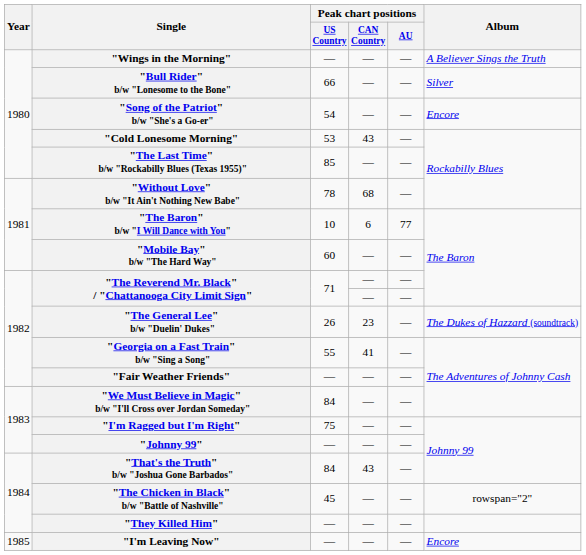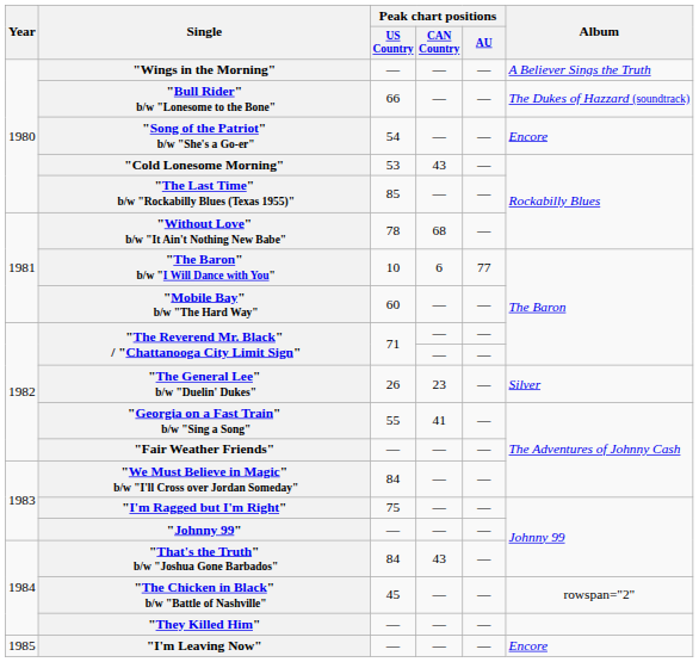 <table class="wikitable plainrowheaders" style="text-align:center;">
 <tr>
 <th rowspan="2">Year</th>
 <th rowspan="2" style="width:24em;">Single</th>
 <th colspan="3">Peak chart positions</th>
 <th rowspan="2">Album</th>
 </tr>
 <tr style="font-size:smaller;">
 <th width="45"><a href='#'>US Country</a><br></th>
 <th width="45"><a href='#'>CAN Country</a></th>
 <th width="45"><a href='#'>AU</a></th>
 </tr>
 <tr>
 <td rowspan="5">1980</td>
 <th scope="row">"Wings in the Morning"</th>
 <td>—</td>
 <td>—</td>
 <td>—</td>
 <td align="left"><em><a href='#'>A Believer Sings the Truth</a></em></td>
 </tr>
 <tr>
 <th scope="row">"<a href='#'>Bull Rider</a>"<br> <small>b/w "Lonesome to the Bone"</small></th>
 <td>66</td>
 <td>—</td>
 <td>—</td>
-<td align="left"><em><a href='#'>Silver</a></em></td>
+<td align="left"><a href='#'><em>The Dukes of Hazzard</em> <small>(soundtrack)</small></a></td>
 </tr>
 <tr>
 <th scope="row">"<a href='#'>Song of the Patriot</a>"<br> <small>b/w "She's a Go-er"</small></th>
 <td>54</td>
 <td>—</td>
 <td>—</td>
 <td align="left"><em><a href='#'>Encore</a></em></td>
 </tr>
 <tr>
 <th scope="row">"Cold Lonesome Morning"</th>
 <td>53</td>
 <td>43</td>
 <td>—</td>
 <td align="left" rowspan="3"><em><a href='#'>Rockabilly Blues</a></em></td>
 </tr>
 <tr>
 <th scope="row">"<a href='#'>The Last Time</a>"<br> <small>b/w "Rockabilly Blues (Texas 1955)"</small></th>
 <td>85</td>
 <td>—</td>
 <td>—</td>
 </tr>
 <tr>
 <td rowspan="3">1981</td>
 <th scope="row">"<a href='#'>Without Love</a>"<br> <small>b/w "It Ain't Nothing New Babe"</small></th>
 <td>78</td>
 <td>68</td>
 <td>—</td>
 </tr>
 <tr>
 <th scope="row">"<a href='#'>The Baron</a>"<br> <small>b/w "<a href='#'>I Will Dance with You</a>"</small></th>
 <td>10</td>
 <td>6</td>
 <td>77</td>
 <td align="left" rowspan="4"><em><a href='#'>The Baron</a></em></td>
 </tr>
 <tr>
 <th scope="row">"<a href='#'>Mobile Bay</a>"<br> <small>b/w "The Hard Way"</small></th>
 <td>60</td>
 <td>—</td>
 <td>—</td>
 </tr>
 <tr>
 <td rowspan="5">1982</td>
 <th scope="row" rowspan="2">"<a href='#'>The Reverend Mr. Black</a>"<br> / "<a href='#'>Chattanooga City Limit Sign</a>"</th>
 <td rowspan="2">71</td>
 <td>—</td>
 <td>—</td>
 </tr>
 <tr>
 <td>—</td>
 <td>—</td>
 </tr>
 <tr>
 <th scope="row">"<a href='#'>The General Lee</a>"<br> <small>b/w "Duelin' Dukes"</small></th>
 <td>26</td>
 <td>23</td>
 <td>—</td>
-<td align="left"><a href='#'><em>The Dukes of Hazzard</em> <small>(soundtrack)</small></a></td>
+<td align="left"><em><a href='#'>Silver</a></em></td>
 </tr>
 <tr>
 <th scope="row">"<a href='#'>Georgia on a Fast Train</a>"<br> <small>b/w "Sing a Song"</small></th>
 <td>55</td>
 <td>41</td>
 <td>—</td>
 <td align="left" rowspan="3"><em><a href='#'>The Adventures of Johnny Cash</a></em></td>
 </tr>
 <tr>
 <th scope="row">"Fair Weather Friends"</th>
 <td>—</td>
 <td>—</td>
 <td>—</td>
 </tr>
 <tr>
 <td rowspan="3">1983</td>
 <th scope="row">"<a href='#'>We Must Believe in Magic</a>"<br> <small>b/w "I'll Cross over Jordan Someday"</small></th>
 <td>84</td>
 <td>—</td>
 <td>—</td>
 </tr>
 <tr>
 <th scope="row">"<a href='#'>I'm Ragged but I'm Right</a>"</th>
 <td>75</td>
 <td>—</td>
 <td>—</td>
 <td align="left" rowspan="3"><em><a href='#'>Johnny 99</a></em></td>
 </tr>
 <tr>
 <th scope="row">"<a href='#'>Johnny 99</a>"</th>
 <td>—</td>
 <td>—</td>
 <td>—</td>
 </tr>
 <tr>
 <td rowspan="3">1984</td>
 <th scope="row">"<a href='#'>That's the Truth</a>"<br> <small>b/w "Joshua Gone Barbados"</small></th>
 <td>84</td>
 <td>43</td>
 <td>—</td>
 </tr>
 <tr>
 <th scope="row">"<a href='#'>The Chicken in Black</a>"<br> <small>b/w "Battle of Nashville"</small></th>
 <td>45</td>
 <td>—</td>
 <td>—</td>
 <td>rowspan="2" </td>
 </tr>
 <tr>
 <th scope="row">"<a href='#'>They Killed Him</a>"</th>
 <td>—</td>
 <td>—</td>
 <td>—</td>
 </tr>
 <tr>
 <td>1985</td>
 <th scope="row">"I'm Leaving Now"</th>
 <td>—</td>
 <td>—</td>
 <td>—</td>
 <td align="left"><em><a href='#'>Encore</a></em></td>
 </tr>
 </table>
